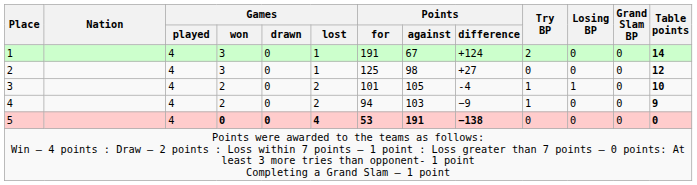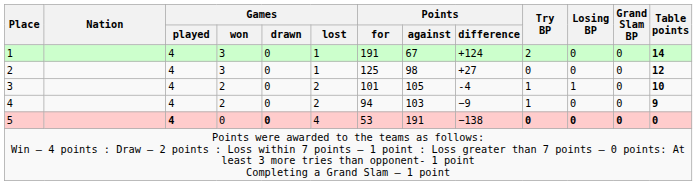 <table class="wikitable">
 <tr>
 <th rowspan=2 width="6%">Place</th>
 <th rowspan=2 width="23%">Nation</th>
 <th colspan=4 width="40%">Games</th>
 <th colspan=3 width="24%">Points</th>
 <th rowspan=2 width="8%">Try<br>BP</th>
 <th rowspan=2 width="8%">Losing<br>BP</th>
 <th rowspan=2 width="8%">Grand Slam<br>BP</th>
 <th rowspan=2 width="10%">Table<br>points</th>
 </tr>
 <tr>
 <th width="8%">played</th>
 <th width="8%">won</th>
 <th width="8%">drawn</th>
 <th width="8%">lost</th>
 <th width="8%">for</th>
 <th width="8%">against</th>
 <th width="8%">difference</th>
 </tr>
 <tr style="background:#cfc">
 <td>1</td>
 <td align=left></td>
 <td>4</td>
 <td>3</td>
 <td>0</td>
 <td>1</td>
 <td>191</td>
 <td>67</td>
 <td>+124</td>
 <td>2</td>
 <td>0</td>
 <td>0</td>
 <td><strong>14</strong></td>
 </tr>
 <tr>
 <td>2</td>
 <td align=left></td>
 <td>4</td>
 <td>3</td>
 <td>0</td>
 <td>1</td>
 <td>125</td>
 <td>98</td>
 <td>+27</td>
 <td>0</td>
 <td>0</td>
 <td>0</td>
 <td><strong>12</strong></td>
 </tr>
 <tr>
 <td>3</td>
 <td align=left></td>
 <td>4</td>
 <td>2</td>
 <td>0</td>
 <td>2</td>
 <td>101</td>
 <td>105</td>
 <td>-4</td>
 <td>1</td>
 <td>1</td>
 <td>0</td>
 <td><strong>10</strong></td>
 </tr>
 <tr>
 <td>4</td>
 <td align=left></td>
 <td>4</td>
 <td>2</td>
 <td>0</td>
 <td>2</td>
 <td>94</td>
 <td>103</td>
 <td>−9</td>
 <td>1</td>
 <td>0</td>
 <td>0</td>
 <td><strong>9</strong></td>
 </tr>
 <tr style="background:#fcc">
 <td>5</td>
 <td align=left></td>
+<td><strong>4</strong></td>
+<td>0</td>
+<td><strong>0</strong></td>
 <td>4</td>
+<td>53</td>
+<td>191</td>
+<td>−138</td>
 <td><strong>0</strong></td>
 <td><strong>0</strong></td>
-<td><strong>4</strong></td>
-<td><strong>53</strong></td>
-<td><strong>191</strong></td>
-<td><strong>−138</strong></td>
-<td>0</td>
-<td>0</td>
-<td>0</td>
+<td><strong>0</strong></td>
 <td><strong>0</strong></td>
 </tr>
 <tr>
 <td style="text-align:center;" colspan="100">Points were awarded to the teams as follows:<br>Win – 4 points : Draw – 2 points  : Loss within 7 points – 1 point : Loss greater than 7 points – 0 points: At least 3 more tries than opponent- 1 point<br>Completing a Grand Slam – 1 point</td>
 </tr>
 </table>
